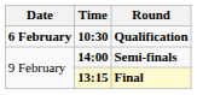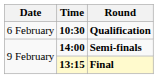 <table class="wikitable">
 <tr>
 <th>Date</th>
 <th>Time</th>
 <th>Round</th>
 </tr>
 <tr>
-<td><strong>6 February</strong></td>
+<td>6 February</td>
 <td><strong>10:30</strong></td>
 <td><strong>Qualification</strong></td>
 </tr>
 <tr>
 <td rowspan=2>9 February</td>
 <td><strong>14:00</strong></td>
 <td><strong>Semi-finals</strong></td>
 </tr>
 <tr style=background:lemonchiffon>
 <td><strong>13:15</strong></td>
 <td><strong>Final</strong></td>
 </tr>
 </table>
